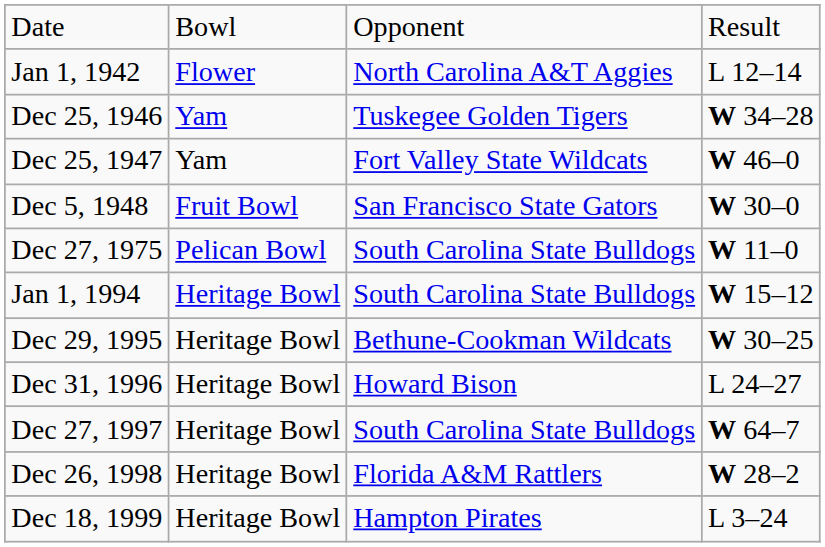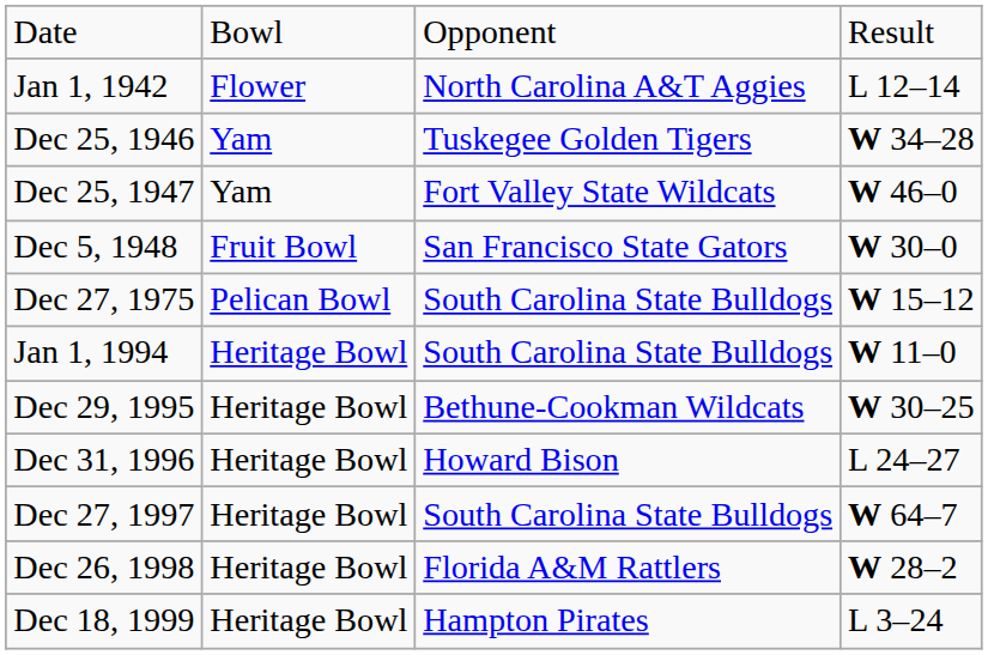 <table class="wikitable sortable">
 <tr>
 <td>Date</td>
 <td>Bowl</td>
 <td>Opponent</td>
 <td>Result</td>
 </tr>
 <tr>
 <td>Jan 1, 1942</td>
 <td><a href='#'>Flower</a></td>
 <td><a href='#'>North Carolina A&T Aggies</a></td>
 <td>L 12–14</td>
 </tr>
 <tr>
 <td>Dec 25, 1946</td>
 <td><a href='#'>Yam</a></td>
 <td><a href='#'>Tuskegee Golden Tigers</a></td>
 <td><strong>W</strong> 34–28</td>
 </tr>
 <tr>
 <td>Dec 25, 1947</td>
 <td>Yam</td>
 <td><a href='#'>Fort Valley State Wildcats</a></td>
 <td><strong>W</strong> 46–0</td>
 </tr>
 <tr>
 <td>Dec 5, 1948</td>
 <td><a href='#'>Fruit Bowl</a></td>
 <td><a href='#'>San Francisco State Gators</a></td>
 <td><strong>W</strong> 30–0</td>
 </tr>
 <tr>
 <td>Dec 27, 1975</td>
 <td><a href='#'>Pelican Bowl</a></td>
 <td><a href='#'>South Carolina State Bulldogs</a></td>
-<td><strong>W</strong> 11–0</td>
+<td><strong>W</strong> 15–12</td>
 </tr>
 <tr>
 <td>Jan 1, 1994</td>
 <td><a href='#'>Heritage Bowl</a></td>
 <td><a href='#'>South Carolina State Bulldogs</a></td>
-<td><strong>W</strong> 15–12</td>
+<td><strong>W</strong> 11–0</td>
 </tr>
 <tr>
 <td>Dec 29, 1995</td>
 <td>Heritage Bowl</td>
 <td><a href='#'>Bethune-Cookman Wildcats</a></td>
 <td><strong>W</strong> 30–25</td>
 </tr>
 <tr>
 <td>Dec 31, 1996</td>
 <td>Heritage Bowl</td>
 <td><a href='#'>Howard Bison</a></td>
 <td>L 24–27</td>
 </tr>
 <tr>
 <td>Dec 27, 1997</td>
 <td>Heritage Bowl</td>
 <td><a href='#'>South Carolina State Bulldogs</a></td>
 <td><strong>W</strong> 64–7</td>
 </tr>
 <tr>
 <td>Dec 26, 1998</td>
 <td>Heritage Bowl</td>
 <td><a href='#'>Florida A&M Rattlers</a></td>
 <td><strong>W</strong> 28–2</td>
 </tr>
 <tr>
 <td>Dec 18, 1999</td>
 <td>Heritage Bowl</td>
 <td><a href='#'>Hampton Pirates</a></td>
 <td>L 3–24</td>
 </tr>
 </table>
